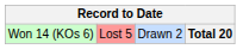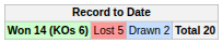 <table class="wikitable" style="text-align:center">
 <tr>
 <th colspan="4">Record to Date</th>
 </tr>
 <tr>
-<td bgcolor=CCFFCC>Won 14 (KOs 6)</td>
+<td bgcolor=CCFFCC><strong>Won 14 (KOs 6)</strong></td>
 <td bgcolor=FF9999>Lost 5</td>
 <td bgcolor=C6DEFF>Drawn 2</td>
 <th>Total 20</th>
 </tr>
 </table>
